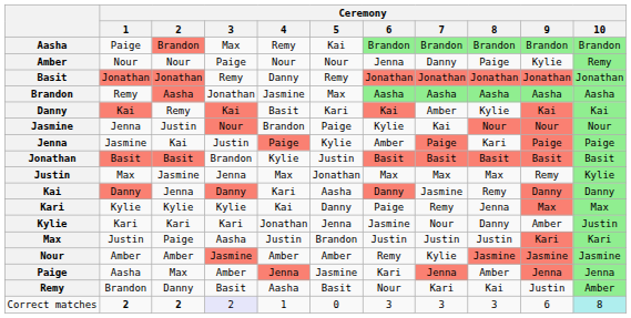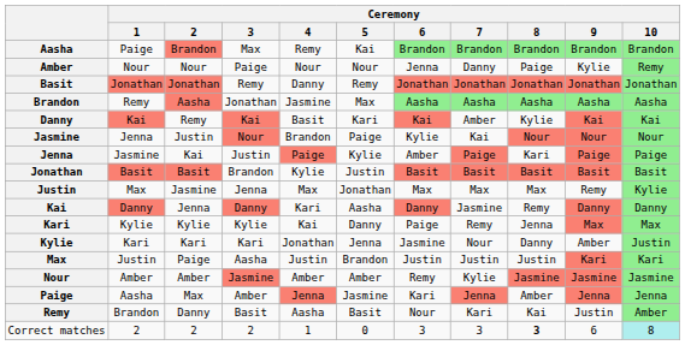 <table class="wikitable" style="text-align:center;">
 <tr>
 <th rowspan="2"></th>
 <th colspan="14" style="text-align:center;">Ceremony</th>
 </tr>
 <tr>
 <th>1</th>
 <th>2</th>
 <th>3</th>
 <th>4</th>
 <th>5</th>
 <th>6</th>
 <th>7</th>
 <th>8</th>
 <th>9</th>
 <th>10</th>
 </tr>
 <tr>
 <th>Aasha</th>
 <td>Paige</td>
 <td style="background:salmon">Brandon</td>
 <td>Max</td>
 <td>Remy</td>
 <td>Kai</td>
 <td style="background:lightgreen">Brandon</td>
 <td style="background:lightgreen">Brandon</td>
 <td style="background:lightgreen">Brandon</td>
 <td style="background:lightgreen">Brandon</td>
 <td style="background:lightgreen">Brandon</td>
 </tr>
 <tr>
 <th>Amber</th>
 <td>Nour</td>
 <td>Nour</td>
 <td>Paige</td>
 <td>Nour</td>
 <td>Nour</td>
 <td>Jenna</td>
 <td>Danny</td>
 <td>Paige</td>
 <td>Kylie</td>
 <td style="background:lightgreen">Remy</td>
 </tr>
 <tr>
 <th>Basit</th>
 <td style="background:salmon">Jonathan</td>
 <td style="background:salmon">Jonathan</td>
 <td>Remy</td>
 <td>Danny</td>
 <td>Remy</td>
 <td style="background:salmon">Jonathan</td>
 <td style="background:salmon">Jonathan</td>
 <td style="background:salmon">Jonathan</td>
 <td style="background:salmon">Jonathan</td>
 <td style="background:lightgreen">Jonathan</td>
 </tr>
 <tr>
 <th>Brandon</th>
 <td>Remy</td>
 <td style="background:salmon">Aasha</td>
 <td>Jonathan</td>
 <td>Jasmine</td>
 <td>Max</td>
 <td style="background:lightgreen">Aasha</td>
 <td style="background:lightgreen">Aasha</td>
 <td style="background:lightgreen">Aasha</td>
 <td style="background:lightgreen">Aasha</td>
 <td style="background:lightgreen">Aasha</td>
 </tr>
 <tr>
 <th>Danny</th>
 <td style="background:salmon">Kai</td>
 <td>Remy</td>
 <td style="background:salmon">Kai</td>
 <td>Basit</td>
 <td>Kari</td>
 <td style="background:salmon">Kai</td>
 <td>Amber</td>
 <td>Kylie</td>
 <td style="background:salmon">Kai</td>
 <td style="background:lightgreen">Kai</td>
 </tr>
 <tr>
 <th>Jasmine</th>
 <td>Jenna</td>
 <td>Justin</td>
 <td style="background:salmon">Nour</td>
 <td>Brandon</td>
 <td>Paige</td>
 <td>Kylie</td>
 <td>Kai</td>
 <td style="background:salmon">Nour</td>
 <td style="background:salmon">Nour</td>
 <td style="background:lightgreen">Nour</td>
 </tr>
 <tr>
 <th>Jenna</th>
 <td>Jasmine</td>
 <td>Kai</td>
 <td>Justin</td>
 <td style="background:salmon">Paige</td>
 <td>Kylie</td>
 <td>Amber</td>
 <td style="background:salmon">Paige</td>
 <td>Kari</td>
 <td style="background:salmon">Paige</td>
 <td style="background:lightgreen">Paige</td>
 </tr>
 <tr>
 <th>Jonathan</th>
 <td style="background:salmon">Basit</td>
 <td style="background:salmon">Basit</td>
 <td>Brandon</td>
 <td>Kylie</td>
 <td>Justin</td>
 <td style="background:salmon">Basit</td>
 <td style="background:salmon">Basit</td>
 <td style="background:salmon">Basit</td>
 <td style="background:salmon">Basit</td>
 <td style="background:lightgreen">Basit</td>
 </tr>
 <tr>
 <th>Justin</th>
 <td>Max</td>
 <td>Jasmine</td>
 <td>Jenna</td>
 <td>Max</td>
 <td>Jonathan</td>
 <td>Max</td>
 <td>Max</td>
 <td>Max</td>
 <td>Remy</td>
 <td style="background:lightgreen">Kylie</td>
 </tr>
 <tr>
 <th>Kai</th>
 <td style="background:salmon">Danny</td>
 <td>Jenna</td>
 <td style="background:salmon">Danny</td>
 <td>Kari</td>
 <td>Aasha</td>
 <td style="background:salmon">Danny</td>
 <td>Jasmine</td>
 <td>Remy</td>
 <td style="background:salmon">Danny</td>
 <td style="background:lightgreen">Danny</td>
 </tr>
 <tr>
 <th>Kari</th>
 <td>Kylie</td>
 <td>Kylie</td>
 <td>Kylie</td>
 <td>Kai</td>
 <td>Danny</td>
 <td>Paige</td>
 <td>Remy</td>
 <td>Jenna</td>
 <td style="background:salmon">Max</td>
 <td style="background:lightgreen">Max</td>
 </tr>
 <tr>
 <th>Kylie</th>
 <td>Kari</td>
 <td>Kari</td>
 <td>Kari</td>
 <td>Jonathan</td>
 <td>Jenna</td>
 <td>Jasmine</td>
 <td>Nour</td>
 <td>Danny</td>
 <td>Amber</td>
 <td style="background:lightgreen">Justin</td>
 </tr>
 <tr>
 <th>Max</th>
 <td>Justin</td>
 <td>Paige</td>
 <td>Aasha</td>
 <td>Justin</td>
 <td>Brandon</td>
 <td>Justin</td>
 <td>Justin</td>
 <td>Justin</td>
 <td style="background:salmon">Kari</td>
 <td style="background:lightgreen">Kari</td>
 </tr>
 <tr>
 <th>Nour</th>
 <td>Amber</td>
 <td>Amber</td>
 <td style="background:salmon">Jasmine</td>
 <td>Amber</td>
 <td>Amber</td>
 <td>Remy</td>
 <td>Kylie</td>
 <td style="background:salmon">Jasmine</td>
 <td style="background:salmon">Jasmine</td>
 <td style="background:lightgreen">Jasmine</td>
 </tr>
 <tr>
 <th>Paige</th>
 <td>Aasha</td>
 <td>Max</td>
 <td>Amber</td>
 <td style="background:salmon">Jenna</td>
 <td>Jasmine</td>
 <td>Kari</td>
 <td style="background:salmon">Jenna</td>
 <td>Amber</td>
 <td style="background:salmon">Jenna</td>
 <td style="background:lightgreen">Jenna</td>
 </tr>
 <tr>
 <th>Remy</th>
 <td>Brandon</td>
 <td>Danny</td>
 <td>Basit</td>
 <td>Aasha</td>
 <td>Basit</td>
 <td>Nour</td>
 <td>Kari</td>
 <td>Kai</td>
 <td>Justin</td>
 <td style="background:lightgreen">Amber</td>
 </tr>
 <tr>
 <td>Correct matches</td>
-<td><strong>2</strong></td>
-<td><strong>2</strong></td>
-<td style="background: lavender;">2</td>
+<td>2</td>
+<td>2</td>
+<td>2</td>
 <td 1>1</td>
 <td>0</td>
 <td>3</td>
 <td>3</td>
-<td>3</td>
+<td><strong>3</strong></td>
 <td>6</td>
 <td style="background: paleturquoise;">8</td>
 </tr>
 </table>
